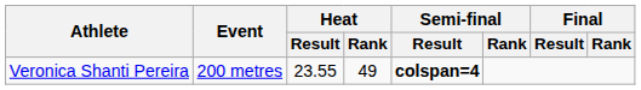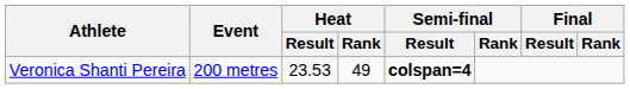 <table class="wikitable" style="font-size:90%">
 <tr>
 <th rowspan="2">Athlete</th>
 <th rowspan="2">Event</th>
 <th colspan="2">Heat</th>
 <th colspan="2">Semi-final</th>
 <th colspan="2">Final</th>
 </tr>
 <tr style="font-size:95%">
 <th>Result</th>
 <th>Rank</th>
 <th>Result</th>
 <th>Rank</th>
 <th>Result</th>
 <th>Rank</th>
 </tr>
 <tr style=text-align:center>
 <td style=text-align:left><a href='#'>Veronica Shanti Pereira</a></td>
 <td style=text-align:left><a href='#'>200 metres</a></td>
-<td>23.55</td>
+<td>23.53</td>
 <td>49</td>
 <td><strong>colspan=4 </strong></td>
 </tr>
 </table>
